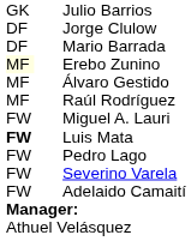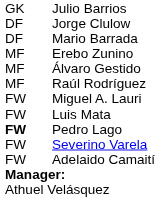 <table cellspacing="0" cellpadding="0" style="font-size:90%; margin:0.2em auto;">
 <tr>
 <th width="25"></th>
 <th width="25"></th>
 </tr>
 <tr>
 <td>GK</td>
 <td></td>
 <td> Julio Barrios</td>
 </tr>
 <tr>
 <td>DF</td>
 <td></td>
 <td> Jorge Clulow</td>
 </tr>
 <tr>
 <td>DF</td>
 <td></td>
 <td> Mario Barrada</td>
 </tr>
 <tr>
-<td style="background: lightyellow;">MF</td>
+<td>MF</td>
 <td></td>
 <td> Erebo Zunino</td>
 </tr>
 <tr>
 <td>MF</td>
 <td></td>
 <td> Álvaro Gestido</td>
 </tr>
 <tr>
 <td>MF</td>
 <td></td>
 <td> Raúl Rodríguez</td>
 </tr>
 <tr>
 <td>FW</td>
 <td></td>
 <td> Miguel A. Lauri</td>
 </tr>
 <tr>
-<td><strong>FW</strong></td>
+<td>FW</td>
 <td></td>
 <td> Luis Mata</td>
 </tr>
 <tr>
-<td>FW</td>
+<td><strong>FW</strong></td>
 <td></td>
 <td> Pedro Lago</td>
 </tr>
 <tr>
 <td>FW</td>
 <td></td>
 <td> <a href='#'>Severino Varela</a></td>
 </tr>
 <tr>
 <td>FW</td>
 <td></td>
 <td> Adelaido Camaití</td>
 </tr>
 <tr>
 <td colspan=3><strong>Manager:</strong></td>
 </tr>
 <tr>
 <td colspan=4> Athuel Velásquez</td>
 </tr>
 </table>
